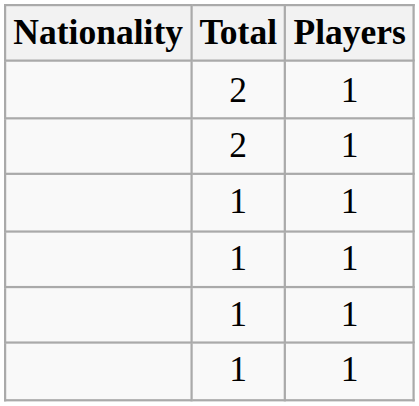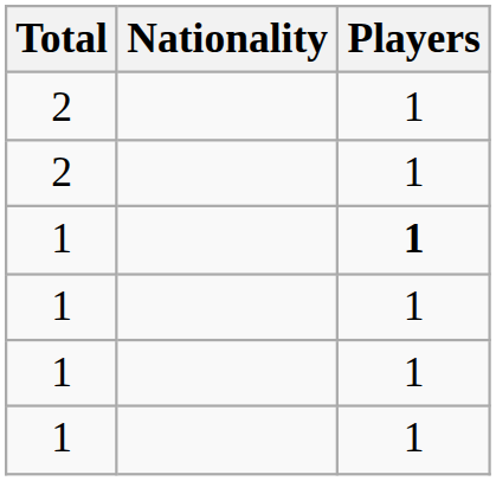 <table class="wikitable sortable">
 <tr>
+<th>Total</th>
 <th>Nationality</th>
-<th>Total</th>
 <th>Players</th>
 </tr>
 <tr>
+<td align="center">2</td>
 <td></td>
-<td align="center">2</td>
 <td align="center">1</td>
 </tr>
 <tr>
+<td align="center">2</td>
 <td></td>
-<td align="center">2</td>
 <td align="center">1</td>
 </tr>
 <tr>
+<td align="center">1</td>
 <td></td>
+<td align="center"><strong>1</strong></td>
+</tr>
+<tr>
 <td align="center">1</td>
+<td></td>
 <td align="center">1</td>
 </tr>
 <tr>
+<td align="center">1</td>
 <td></td>
-<td align="center">1</td>
 <td align="center">1</td>
 </tr>
 <tr>
+<td align="center">1</td>
 <td></td>
-<td align="center">1</td>
-<td align="center">1</td>
-</tr>
-<tr>
-<td></td>
-<td align="center">1</td>
 <td align="center">1</td>
 </tr>
 </table>
